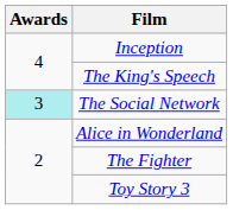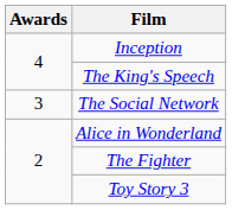 <table class="wikitable" style="text-align: center;">
 <tr>
 <th scope="col">Awards</th>
 <th scope="col" align="center">Film</th>
 </tr>
 <tr>
 <td rowspan=2 style="text-align:center">4</td>
 <td><em><a href='#'>Inception</a></em></td>
 </tr>
 <tr>
 <td><em><a href='#'>The King's Speech</a></em></td>
 </tr>
 <tr>
-<td style="background: paleturquoise; text-align: center;">3</td>
+<td style="text-align: center;">3</td>
 <td><em><a href='#'>The Social Network</a></em></td>
 </tr>
 <tr>
 <td rowspan=3 style="text-align:center">2</td>
 <td><em><a href='#'>Alice in Wonderland</a></em></td>
 </tr>
 <tr>
 <td><em><a href='#'>The Fighter</a></em></td>
 </tr>
 <tr>
 <td><em><a href='#'>Toy Story 3</a></em></td>
 </tr>
 </table>
